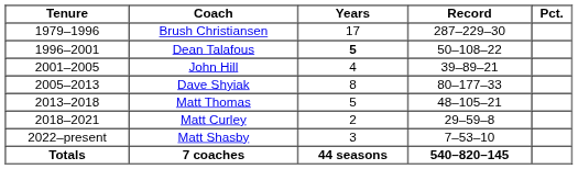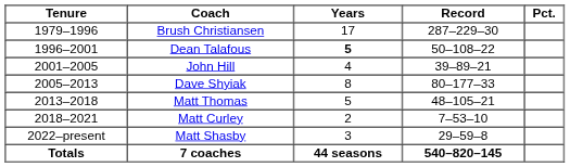 <table cellpadding="1" border="1" cellspacing="0" width="80%">
 <tr>
 <th>Tenure</th>
 <th>Coach</th>
 <th>Years</th>
 <th>Record</th>
 <th>Pct.</th>
 </tr>
 <tr align="center">
 <td>1979–1996</td>
 <td><a href='#'>Brush Christiansen</a></td>
 <td>17</td>
 <td>287–229–30</td>
 <td></td>
 </tr>
 <tr align="center">
 <td>1996–2001</td>
 <td><a href='#'>Dean Talafous</a></td>
 <td><strong>5</strong></td>
 <td>50–108–22</td>
 <td></td>
 </tr>
 <tr align="center">
 <td>2001–2005</td>
 <td><a href='#'>John Hill</a></td>
 <td>4</td>
 <td>39–89–21</td>
 <td></td>
 </tr>
 <tr align="center">
 <td>2005–2013</td>
 <td><a href='#'>Dave Shyiak</a></td>
 <td>8</td>
 <td>80–177–33</td>
 <td></td>
 </tr>
 <tr align="center">
 <td>2013–2018</td>
 <td><a href='#'>Matt Thomas</a></td>
 <td>5</td>
 <td>48–105–21</td>
 <td></td>
 </tr>
 <tr align="center">
 <td>2018–2021</td>
 <td><a href='#'>Matt Curley</a></td>
 <td>2</td>
-<td>29–59–8</td>
+<td>7–53–10</td>
 <td></td>
 </tr>
 <tr align="center">
 <td>2022–present</td>
 <td><a href='#'>Matt Shasby</a></td>
 <td>3</td>
-<td>7–53–10</td>
+<td>29–59–8</td>
 <td></td>
 </tr>
 <tr align="center">
 </tr>
 <tr align=center>
 <th>Totals</th>
 <th>7 coaches</th>
 <th>44 seasons</th>
 <th>540–820–145</th>
 <th></th>
 </tr>
 </table>
